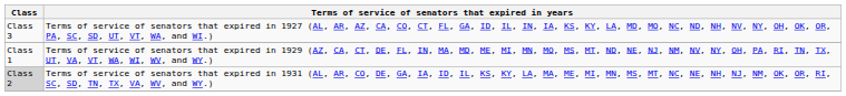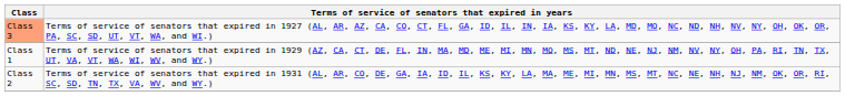 <table class="wikitable sortable">
 <tr valign=bottom>
 <th>Class</th>
 <th>Terms of service of senators that expired in years</th>
 </tr>
 <tr>
-<td>Class 3</td>
+<td style="background: lightsalmon;">Class 3</td>
 <td>Terms of service of senators that expired in 1927 (<a href='#'>AL</a>, <a href='#'>AR</a>, <a href='#'>AZ</a>, <a href='#'>CA</a>, <a href='#'>CO</a>, <a href='#'>CT</a>, <a href='#'>FL</a>, <a href='#'>GA</a>, <a href='#'>ID</a>, <a href='#'>IL</a>, <a href='#'>IN</a>, <a href='#'>IA</a>, <a href='#'>KS</a>, <a href='#'>KY</a>, <a href='#'>LA</a>, <a href='#'>MD</a>, <a href='#'>MO</a>, <a href='#'>NC</a>, <a href='#'>ND</a>, <a href='#'>NH</a>, <a href='#'>NV</a>, <a href='#'>NY</a>, <a href='#'>OH</a>, <a href='#'>OK</a>, <a href='#'>OR</a>, <a href='#'>PA</a>, <a href='#'>SC</a>, <a href='#'>SD</a>, <a href='#'>UT</a>, <a href='#'>VT</a>, <a href='#'>WA</a>, and <a href='#'>WI</a>.)</td>
 </tr>
 <tr>
 </tr>
 <tr>
 <td>Class 1</td>
 <td>Terms of service of senators that expired in 1929 (<a href='#'>AZ</a>, <a href='#'>CA</a>, <a href='#'>CT</a>, <a href='#'>DE</a>, <a href='#'>FL</a>, <a href='#'>IN</a>, <a href='#'>MA</a>, <a href='#'>MD</a>, <a href='#'>ME</a>,  <a href='#'>MI</a>, <a href='#'>MN</a>, <a href='#'>MO</a>, <a href='#'>MS</a>, <a href='#'>MT</a>, <a href='#'>ND</a>, <a href='#'>NE</a>, <a href='#'>NJ</a>, <a href='#'>NM</a>, <a href='#'>NV</a>, <a href='#'>NY</a>, <a href='#'>OH</a>, <a href='#'>PA</a>, <a href='#'>RI</a>, <a href='#'>TN</a>, <a href='#'>TX</a>, <a href='#'>UT</a>, <a href='#'>VA</a>, <a href='#'>VT</a>, <a href='#'>WA</a>, <a href='#'>WI</a>, <a href='#'>WV</a>, and <a href='#'>WY</a>.)</td>
 </tr>
 <tr>
-<td style="background: lightgrey;">Class 2</td>
+<td>Class 2</td>
 <td>Terms of service of senators that expired in 1931 (<a href='#'>AL</a>, <a href='#'>AR</a>, <a href='#'>CO</a>, <a href='#'>DE</a>, <a href='#'>GA</a>, <a href='#'>IA</a>, <a href='#'>ID</a>, <a href='#'>IL</a>, <a href='#'>KS</a>, <a href='#'>KY</a>, <a href='#'>LA</a>, <a href='#'>MA</a>, <a href='#'>ME</a>, <a href='#'>MI</a>, <a href='#'>MN</a>, <a href='#'>MS</a>, <a href='#'>MT</a>, <a href='#'>NC</a>, <a href='#'>NE</a>, <a href='#'>NH</a>, <a href='#'>NJ</a>, <a href='#'>NM</a>, <a href='#'>OK</a>, <a href='#'>OR</a>, <a href='#'>RI</a>, <a href='#'>SC</a>, <a href='#'>SD</a>, <a href='#'>TN</a>, <a href='#'>TX</a>, <a href='#'>VA</a>, <a href='#'>WV</a>, and <a href='#'>WY</a>.)</td>
 </tr>
 <tr>
 </tr>
 </table>
